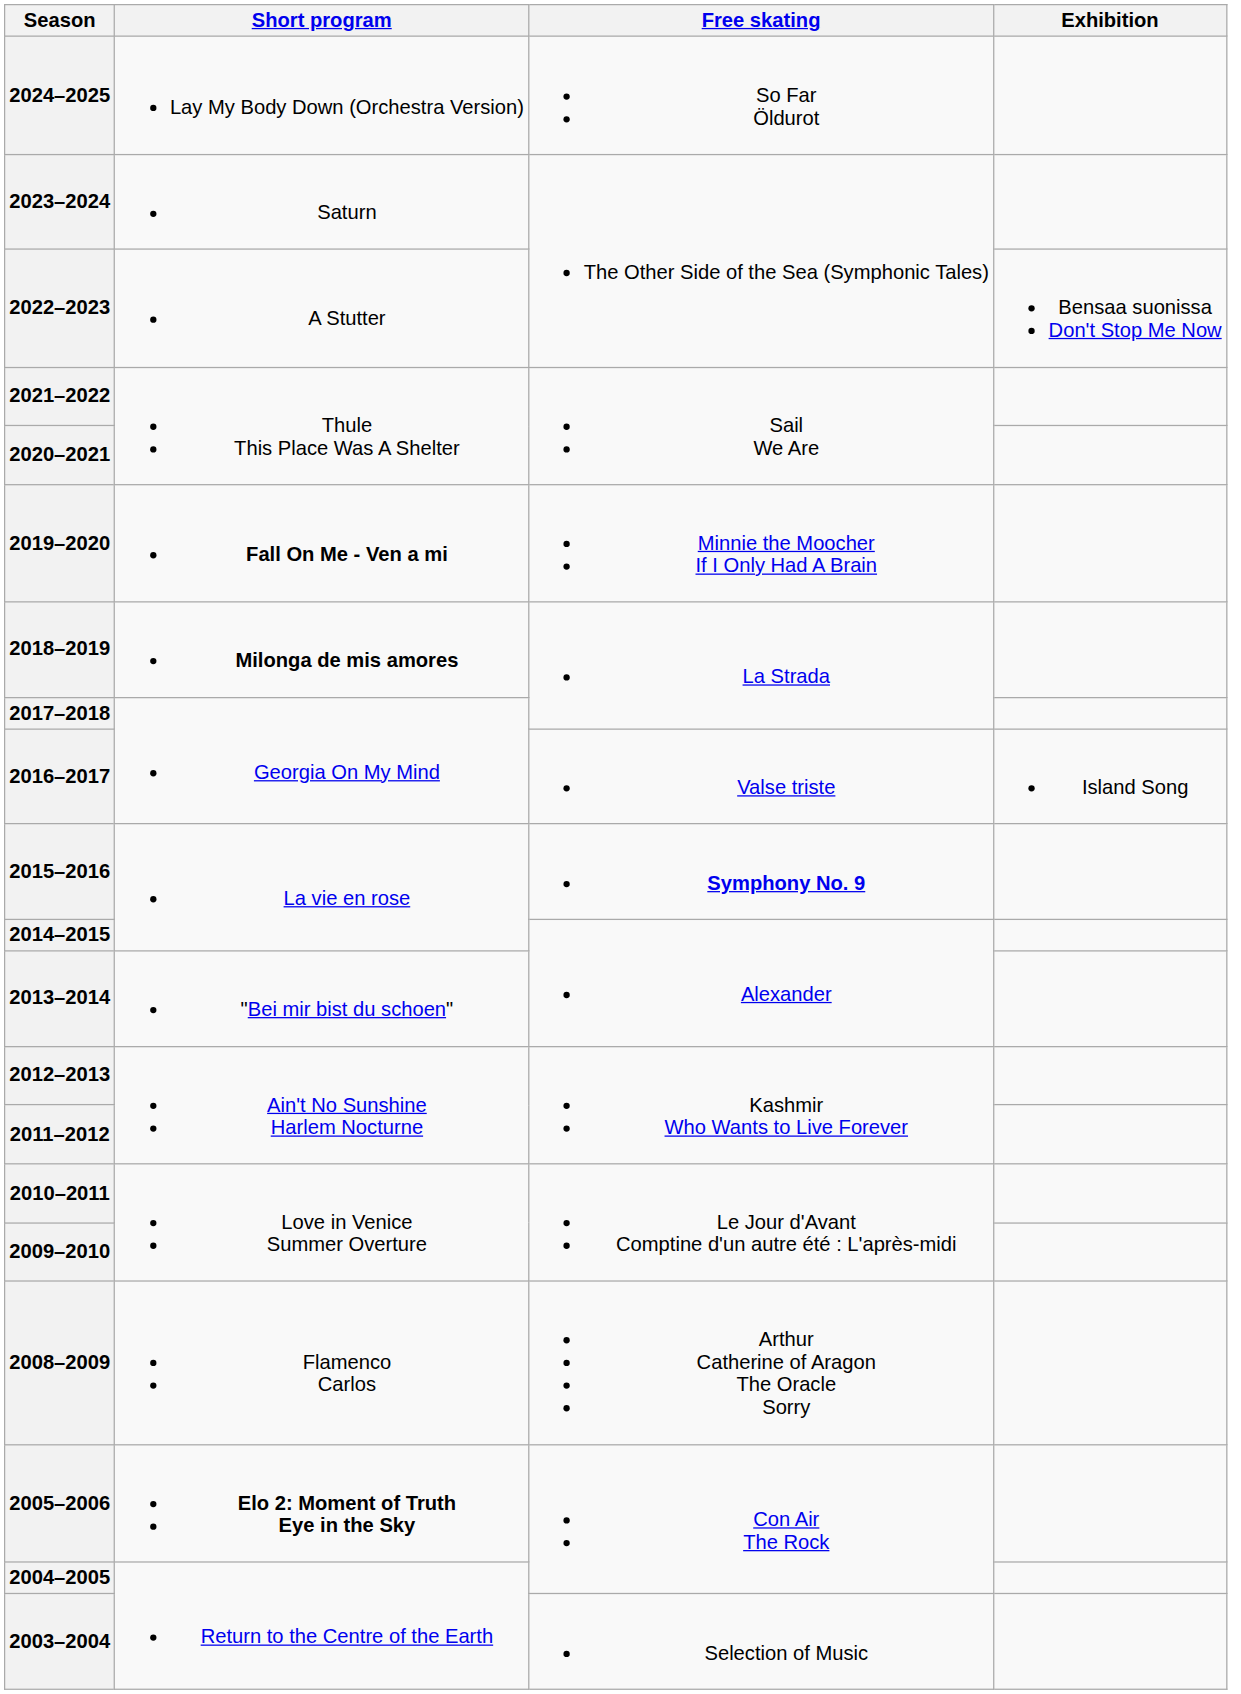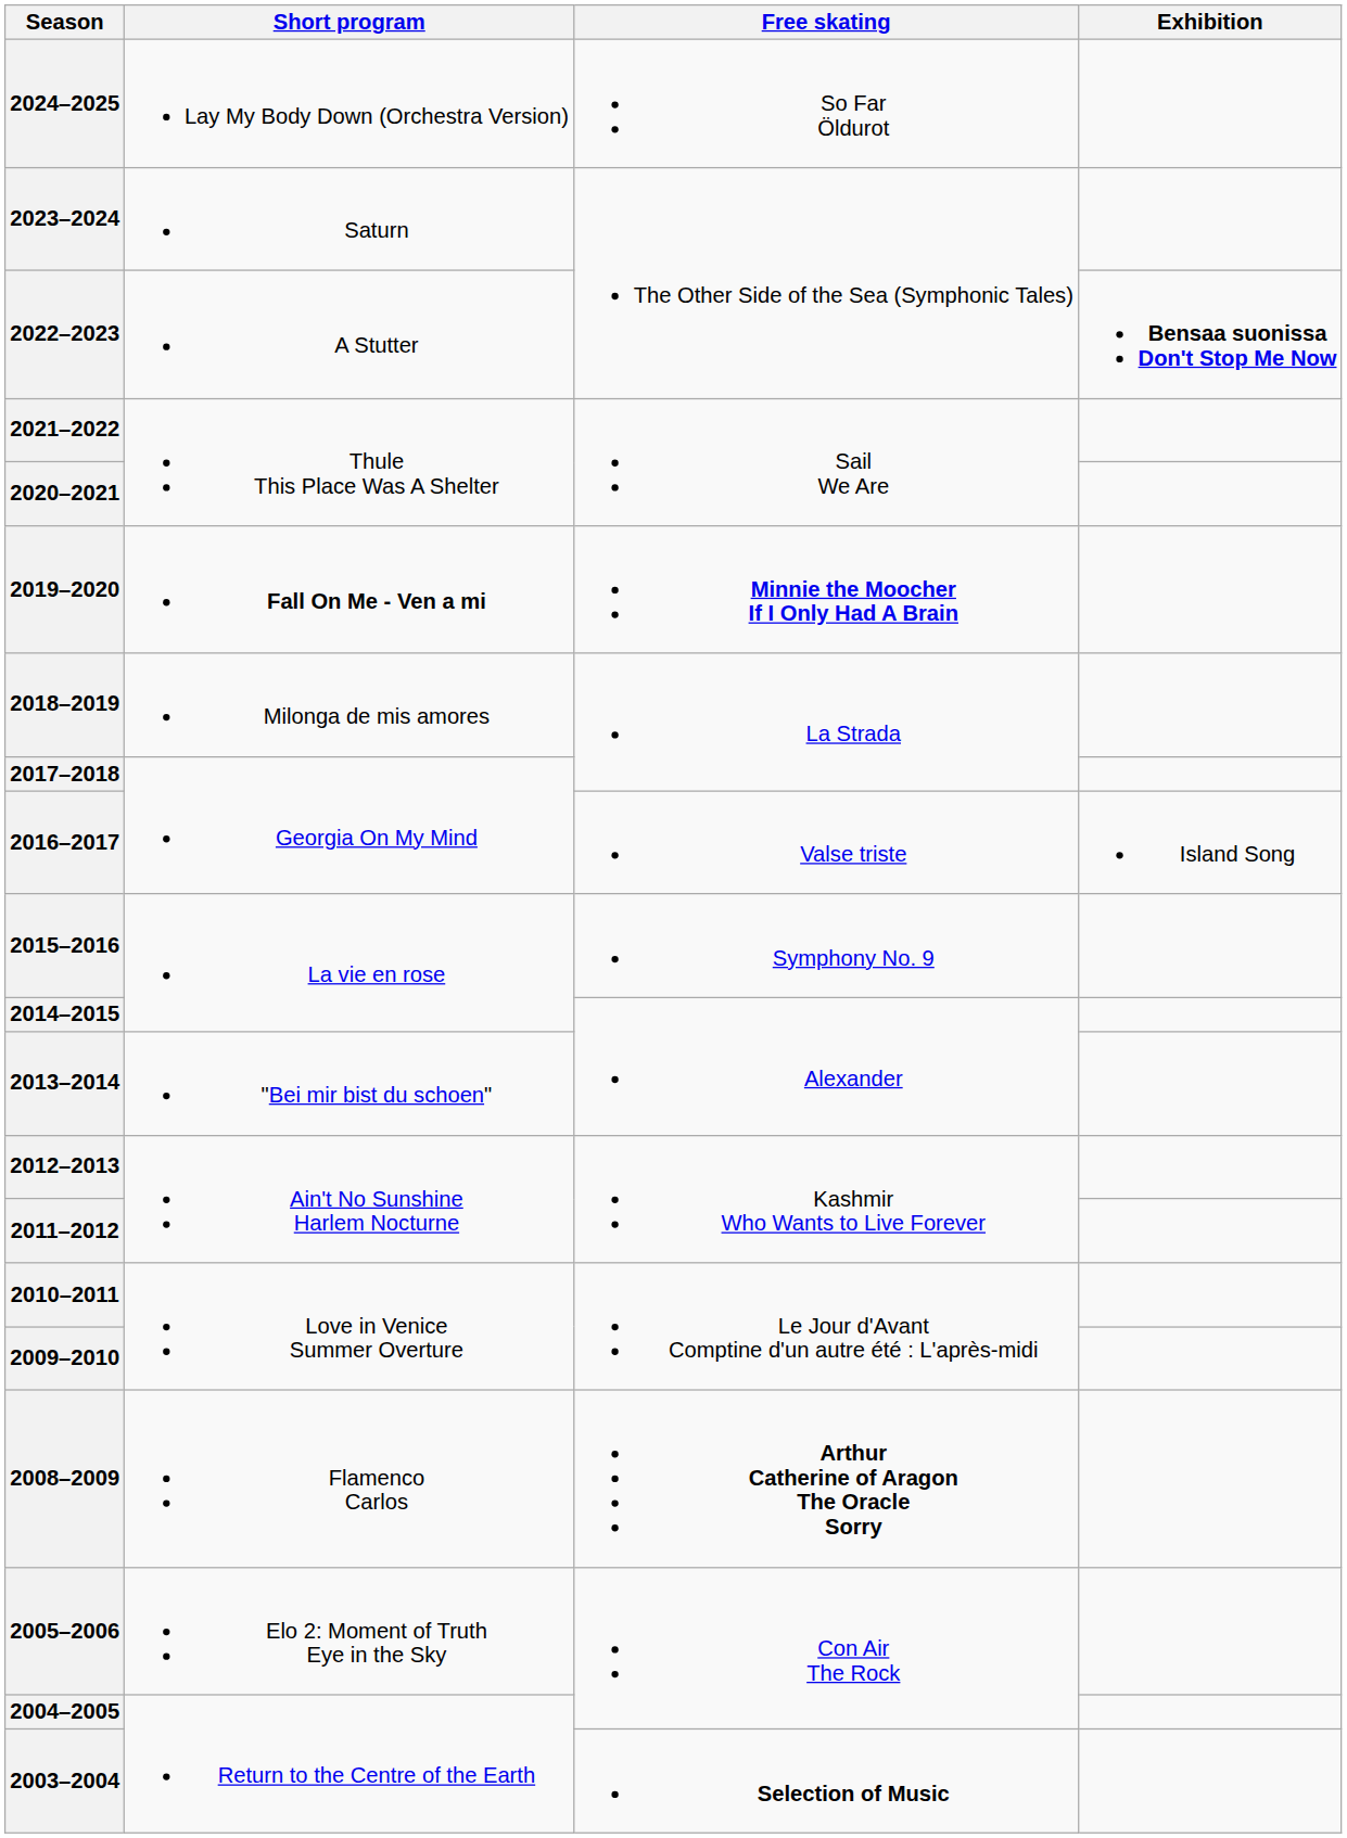 <table class=wikitable style=text-align:center>
 <tr>
 <th>Season</th>
 <th><a href='#'>Short program</a></th>
 <th><a href='#'>Free skating</a></th>
 <th>Exhibition</th>
 </tr>
 <tr>
 <th>2024–2025 <br></th>
 <td><br><ul><li>Lay My Body Down (Orchestra Version) <br> </li></ul></td>
 <td><br><ul><li>So Far <br> </li><li>Öldurot <br> </li></ul></td>
 <td></td>
 </tr>
 <tr>
 <th>2023–2024 <br></th>
 <td><br><ul><li>Saturn <br> </li></ul></td>
 <td rowspan=2><br><ul><li>The Other Side of the Sea (Symphonic Tales) <br> </li></ul></td>
 <td></td>
 </tr>
 <tr>
 <th>2022–2023 <br></th>
 <td><br><ul><li>A Stutter <br> </li></ul></td>
-<td><br><ul><li>Bensaa suonissa <br></li><li><a href='#'>Don't Stop Me Now</a><br></li></ul></td>
+<td><strong><br><ul><li>Bensaa suonissa <br></li><li><a href='#'>Don't Stop Me Now</a><br></li></ul></strong></td>
 </tr>
 <tr>
 <th>2021–2022 <br></th>
 <td rowspan=2><br><ul><li>Thule <br> </li><li>This Place Was A Shelter <br> </li></ul></td>
 <td rowspan=2><br><ul><li>Sail <br> </li><li>We Are <br> </li></ul></td>
 <td></td>
 </tr>
 <tr>
 <th>2020–2021 <br> </th>
 <td></td>
 </tr>
 <tr>
 <th>2019–2020 <br></th>
 <td><strong><br><ul><li>Fall On Me - Ven a mi <br> </li></ul></strong></td>
-<td><br><ul><li><a href='#'>Minnie the Moocher</a></li><li><a href='#'>If I Only Had A Brain</a> <br> </li></ul></td>
+<td><strong><br><ul><li><a href='#'>Minnie the Moocher</a></li><li><a href='#'>If I Only Had A Brain</a> <br> </li></ul></strong></td>
 <td></td>
 </tr>
 <tr>
 <th>2018–2019 <br></th>
-<td><strong><br><ul><li>Milonga de mis amores <br> </li></ul></strong></td>
+<td><br><ul><li>Milonga de mis amores <br> </li></ul></td>
 <td rowspan=2><br><ul><li><a href='#'>La Strada</a> <br> </li></ul></td>
 <td></td>
 </tr>
 <tr>
 <th>2017–2018 <br></th>
 <td rowspan=2><br><ul><li><a href='#'>Georgia On My Mind</a> <br> </li></ul></td>
 <td></td>
 </tr>
 <tr>
 <th>2016–2017 <br></th>
 <td><br><ul><li><a href='#'>Valse triste</a> <br></li></ul></td>
 <td><br><ul><li>Island Song <br></li></ul></td>
 </tr>
 <tr>
 <th>2015–2016 <br> </th>
 <td rowspan=2><br><ul><li><a href='#'>La vie en rose</a> <br></li></ul></td>
-<td><strong><br><ul><li><a href='#'>Symphony No. 9</a> <br></li></ul></strong></td>
+<td><br><ul><li><a href='#'>Symphony No. 9</a> <br></li></ul></td>
 <td></td>
 </tr>
 <tr>
 <th>2014–2015 <br> </th>
 <td rowspan=2><br><ul><li><a href='#'>Alexander</a> <br></li></ul></td>
 <td></td>
 </tr>
 <tr>
 <th>2013–2014 <br> </th>
 <td><br><ul><li>"<a href='#'>Bei mir bist du schoen</a>" <br></li></ul></td>
 <td></td>
 </tr>
 <tr>
 <th>2012–2013 <br> </th>
 <td rowspan=2><br><ul><li><a href='#'>Ain't No Sunshine</a></li><li><a href='#'>Harlem Nocturne</a> <br> </li></ul></td>
 <td rowspan=2><br><ul><li>Kashmir</li><li><a href='#'>Who Wants to Live Forever</a> <br></li></ul></td>
 </tr>
 <tr>
 <th>2011–2012 <br> </th>
 <td></td>
 </tr>
 <tr>
 <th>2010–2011 <br> </th>
 <td rowspan=2><br><ul><li>Love in Venice <br></li><li>Summer Overture <br></li></ul></td>
 <td rowspan=2><br><ul><li>Le Jour d'Avant</li><li>Comptine d'un autre été : L'après-midi <br></li></ul></td>
 </tr>
 <tr>
 <th>2009–2010 <br> </th>
 <td></td>
 </tr>
 <tr>
 <th>2008–2009 <br> </th>
 <td><br><ul><li>Flamenco <br></li><li>Carlos <br></li></ul></td>
-<td><br><ul><li>Arthur</li><li>Catherine of Aragon</li><li>The Oracle</li><li>Sorry <br></li></ul></td>
+<td><strong><br><ul><li>Arthur</li><li>Catherine of Aragon</li><li>The Oracle</li><li>Sorry <br></li></ul></strong></td>
 <td></td>
 </tr>
 <tr>
 <th>2005–2006 <br> </th>
-<td><strong><br><ul><li>Elo 2: Moment of Truth</li><li>Eye in the Sky <br></li></ul></strong></td>
+<td><br><ul><li>Elo 2: Moment of Truth</li><li>Eye in the Sky <br></li></ul></td>
 <td rowspan=2><br><ul><li><a href='#'>Con Air</a> <br></li><li><a href='#'>The Rock</a> <br></li></ul></td>
 <td></td>
 </tr>
 <tr>
 <th>2004–2005 <br> </th>
 <td rowspan=2><br><ul><li><a href='#'>Return to the Centre of the Earth</a> <br></li></ul></td>
 <td></td>
 </tr>
 <tr>
 <th>2003–2004 <br> </th>
-<td><br><ul><li>Selection of Music <br></li></ul></td>
+<td><strong><br><ul><li>Selection of Music <br></li></ul></strong></td>
 <td></td>
 </tr>
 </table>
